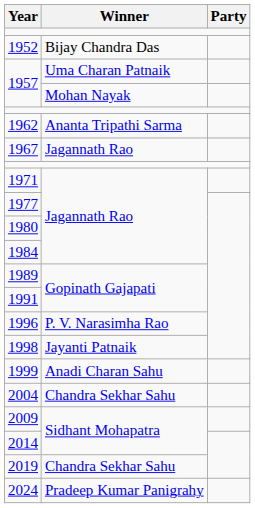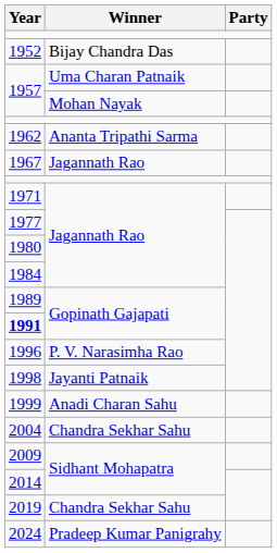 <table class="wikitable sortable">
 <tr>
 <th>Year</th>
 <th>Winner</th>
 <th colspan=2>Party</th>
 </tr>
 <tr>
 <td colspan="4"></td>
 </tr>
 <tr>
 <td><a href='#'>1952</a></td>
 <td>Bijay Chandra Das</td>
 <td></td>
 </tr>
 <tr>
 <td rowspan = "2"><a href='#'>1957</a></td>
 <td><a href='#'>Uma Charan Patnaik</a></td>
 <td></td>
 </tr>
 <tr>
 <td><a href='#'>Mohan Nayak</a></td>
 <td></td>
 </tr>
 <tr>
 <td colspan="4"></td>
 </tr>
 <tr>
 <td><a href='#'>1962</a></td>
 <td><a href='#'>Ananta Tripathi Sarma</a></td>
 <td></td>
 </tr>
 <tr>
 <td><a href='#'>1967</a></td>
 <td><a href='#'>Jagannath Rao</a></td>
 </tr>
 <tr>
 <td colspan="4"></td>
 </tr>
 <tr>
 <td><a href='#'>1971</a></td>
 <td rowspan=4><a href='#'>Jagannath Rao</a></td>
 <td></td>
 </tr>
 <tr>
 <td><a href='#'>1977</a></td>
 </tr>
 <tr>
 <td><a href='#'>1980</a></td>
 </tr>
 <tr>
 <td><a href='#'>1984</a></td>
 </tr>
 <tr>
 <td><a href='#'>1989</a></td>
 <td rowspan=2><a href='#'>Gopinath Gajapati</a></td>
 </tr>
 <tr>
-<td><a href='#'>1991</a></td>
+<td><strong><a href='#'>1991</a></strong></td>
 </tr>
 <tr>
 <td><a href='#'>1996</a></td>
 <td><a href='#'>P. V. Narasimha Rao</a></td>
 </tr>
 <tr>
 <td><a href='#'>1998</a></td>
 <td><a href='#'>Jayanti Patnaik</a></td>
 </tr>
 <tr>
 <td><a href='#'>1999</a></td>
 <td><a href='#'>Anadi Charan Sahu</a></td>
 <td></td>
 </tr>
 <tr>
 <td><a href='#'>2004</a></td>
 <td><a href='#'>Chandra Sekhar Sahu</a></td>
 <td></td>
 </tr>
 <tr>
 <td><a href='#'>2009</a></td>
 <td rowspan=2><a href='#'>Sidhant Mohapatra</a></td>
 <td></td>
 </tr>
 <tr>
 <td><a href='#'>2014</a></td>
 </tr>
 <tr>
 <td><a href='#'>2019</a></td>
 <td><a href='#'>Chandra Sekhar Sahu</a></td>
 </tr>
 <tr>
 <td><a href='#'>2024</a></td>
 <td><a href='#'>Pradeep Kumar Panigrahy</a></td>
 <td></td>
 </tr>
 </table>
